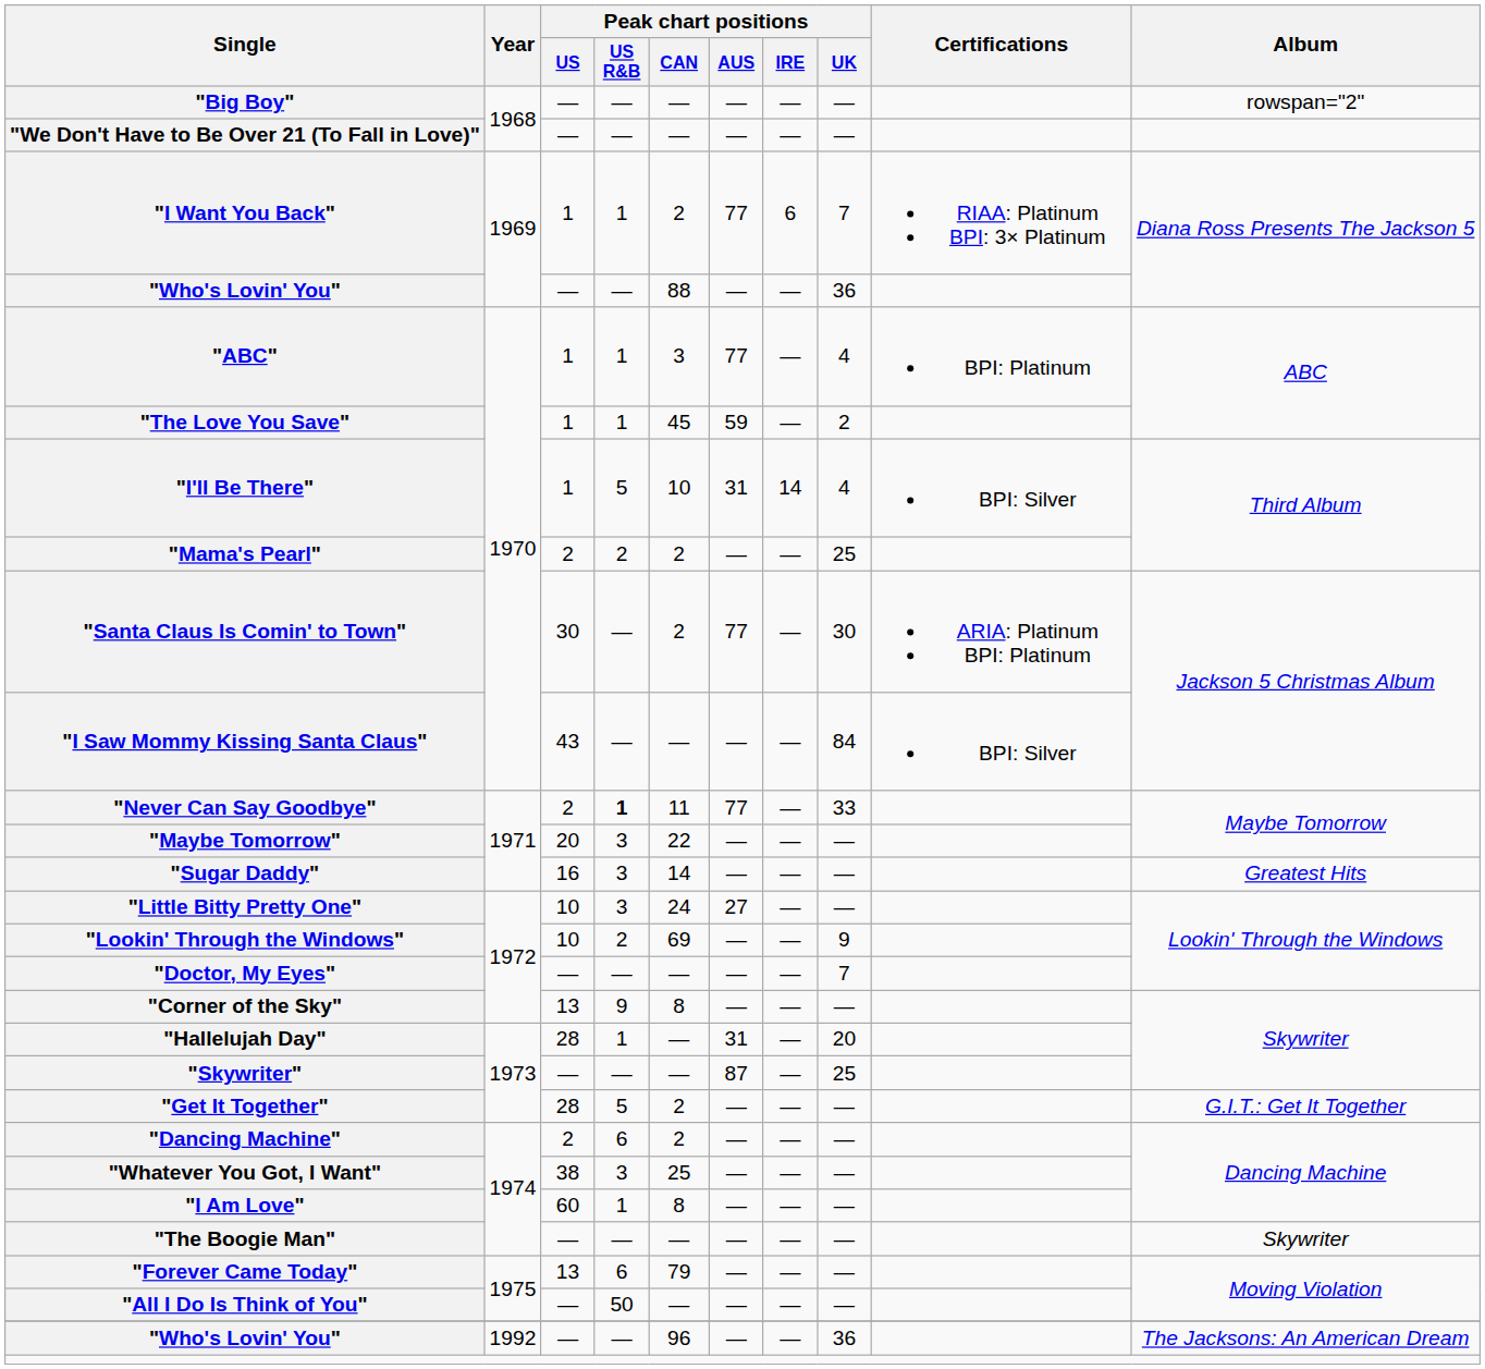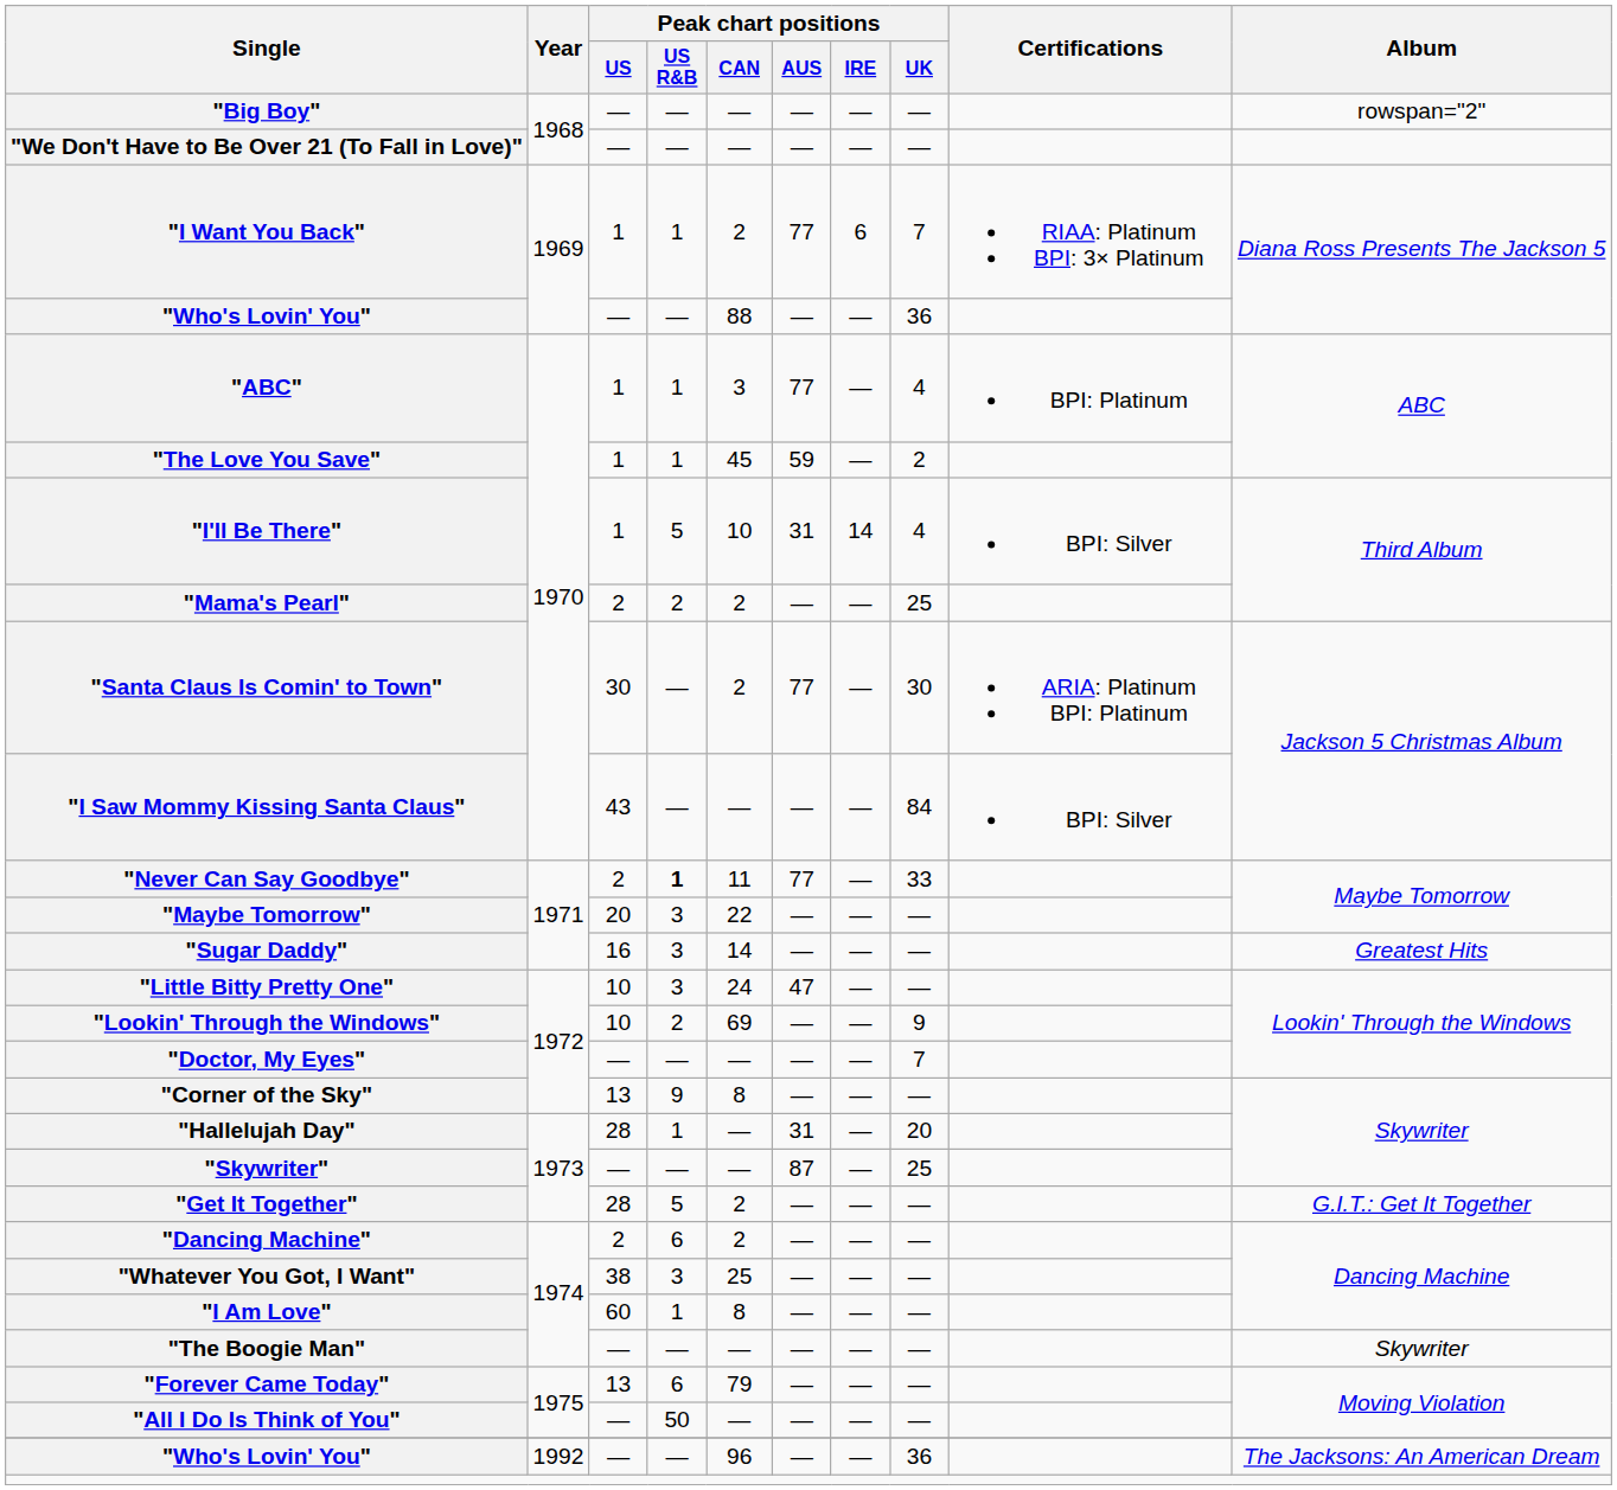 <table class="wikitable plainrowheaders" style="text-align:center;">
 <tr>
 <th rowspan="2">Single</th>
 <th rowspan="2">Year</th>
 <th colspan="6">Peak chart positions</th>
 <th rowspan="2" scope="col" style="width:12em;">Certifications</th>
 <th rowspan="2">Album</th>
 </tr>
 <tr style="font-size:smaller;">
 <th style="width:35px;"><a href='#'>US</a><br></th>
 <th style="width:35px;"><a href='#'>US R&B</a></th>
 <th style="width:3em;"><a href='#'>CAN</a></th>
 <th style="width:35px;"><a href='#'>AUS</a><br></th>
 <th style="width:35px;"><a href='#'>IRE</a><br></th>
 <th style="width:35px;"><a href='#'>UK</a><br></th>
 </tr>
 <tr>
 <th scope="row">"<a href='#'>Big Boy</a>"</th>
 <td rowspan="2">1968</td>
 <td>—</td>
 <td>—</td>
 <td>—</td>
 <td>—</td>
 <td>—</td>
 <td>—</td>
 <td></td>
 <td>rowspan="2" </td>
 </tr>
 <tr>
 <th scope="row">"We Don't Have to Be Over 21 (To Fall in Love)"</th>
 <td>—</td>
 <td>—</td>
 <td>—</td>
 <td>—</td>
 <td>—</td>
 <td>—</td>
 <td></td>
 </tr>
 <tr>
 <th scope="row">"<a href='#'>I Want You Back</a>"</th>
 <td rowspan="2">1969</td>
 <td>1</td>
 <td>1</td>
 <td>2</td>
 <td>77</td>
 <td>6</td>
 <td>7</td>
 <td><br><ul><li><a href='#'>RIAA</a>: Platinum</li><li><a href='#'>BPI</a>: 3× Platinum</li></ul></td>
 <td rowspan="2"><em><a href='#'>Diana Ross Presents The Jackson 5</a></em></td>
 </tr>
 <tr>
 <th scope="row">"<a href='#'>Who's Lovin' You</a>"</th>
 <td>—</td>
 <td>—</td>
 <td>88</td>
 <td>—</td>
 <td>—</td>
 <td>36</td>
 <td></td>
 </tr>
 <tr>
 <th scope="row">"<a href='#'>ABC</a>"</th>
 <td rowspan="6">1970</td>
 <td>1</td>
 <td>1</td>
 <td>3</td>
 <td>77</td>
 <td>—</td>
 <td>4</td>
 <td><br><ul><li>BPI: Platinum</li></ul></td>
 <td rowspan="2"><em><a href='#'>ABC</a></em></td>
 </tr>
 <tr>
 <th scope="row">"<a href='#'>The Love You Save</a>"</th>
 <td>1</td>
 <td>1</td>
 <td>45</td>
 <td>59</td>
 <td>—</td>
 <td>2</td>
 <td></td>
 </tr>
 <tr>
 <th scope="row">"<a href='#'>I'll Be There</a>"</th>
 <td>1</td>
 <td>5</td>
 <td>10</td>
 <td>31</td>
 <td>14</td>
 <td>4</td>
 <td><br><ul><li>BPI: Silver</li></ul></td>
 <td rowspan="2"><em><a href='#'>Third Album</a></em></td>
 </tr>
 <tr>
 <th scope="row">"<a href='#'>Mama's Pearl</a>"</th>
 <td>2</td>
 <td>2</td>
 <td>2</td>
 <td>—</td>
 <td>—</td>
 <td>25</td>
 <td></td>
 </tr>
 <tr>
 <th scope="row">"<a href='#'>Santa Claus Is Comin' to Town</a>"</th>
 <td>30</td>
 <td>—</td>
 <td>2</td>
 <td>77</td>
 <td>—</td>
 <td>30</td>
 <td><br><ul><li><a href='#'>ARIA</a>: Platinum</li><li>BPI: Platinum</li></ul></td>
 <td rowspan="2"><em><a href='#'>Jackson 5 Christmas Album</a></em></td>
 </tr>
 <tr>
 <th scope="row">"<a href='#'>I Saw Mommy Kissing Santa Claus</a>"</th>
 <td>43</td>
 <td>—</td>
 <td>—</td>
 <td>—</td>
 <td>—</td>
 <td>84</td>
 <td><br><ul><li>BPI: Silver</li></ul></td>
 </tr>
 <tr>
 <th scope="row">"<a href='#'>Never Can Say Goodbye</a>"</th>
 <td rowspan="3">1971</td>
 <td>2</td>
 <td><strong>1</strong></td>
 <td>11</td>
 <td>77</td>
 <td>—</td>
 <td>33</td>
 <td></td>
 <td rowspan="2"><em><a href='#'>Maybe Tomorrow</a></em></td>
 </tr>
 <tr>
 <th scope="row">"<a href='#'>Maybe Tomorrow</a>"</th>
 <td>20</td>
 <td>3</td>
 <td>22</td>
 <td>—</td>
 <td>—</td>
 <td>—</td>
 <td></td>
 </tr>
 <tr>
 <th scope="row">"<a href='#'>Sugar Daddy</a>"</th>
 <td>16</td>
 <td>3</td>
 <td>14</td>
 <td>—</td>
 <td>—</td>
 <td>—</td>
 <td></td>
 <td><em><a href='#'>Greatest Hits</a></em></td>
 </tr>
 <tr>
 <th scope="row">"<a href='#'>Little Bitty Pretty One</a>"</th>
 <td rowspan="4">1972</td>
 <td>10</td>
 <td>3</td>
 <td>24</td>
-<td>27<br></td>
+<td>47</td>
 <td>—</td>
 <td>—</td>
 <td></td>
 <td rowspan="3"><em><a href='#'>Lookin' Through the Windows</a></em></td>
 </tr>
 <tr>
 <th scope="row">"<a href='#'>Lookin' Through the Windows</a>"</th>
 <td>10</td>
 <td>2</td>
 <td>69</td>
 <td>—</td>
 <td>—</td>
 <td>9</td>
 <td></td>
 </tr>
 <tr>
 <th scope="row">"<a href='#'>Doctor, My Eyes</a>"</th>
 <td>—</td>
 <td>—</td>
 <td>—</td>
 <td>—</td>
 <td>—</td>
 <td>7</td>
 <td></td>
 </tr>
 <tr>
 <th scope="row">"Corner of the Sky"</th>
 <td>13</td>
 <td>9</td>
 <td>8</td>
 <td>—</td>
 <td>—</td>
 <td>—</td>
 <td></td>
 <td rowspan="3"><em><a href='#'>Skywriter</a></em></td>
 </tr>
 <tr>
 <th scope="row">"Hallelujah Day"</th>
 <td rowspan="3">1973</td>
 <td>28</td>
 <td>1</td>
 <td>—</td>
 <td>31</td>
 <td>—</td>
 <td>20</td>
 <td></td>
 </tr>
 <tr>
 <th scope="row">"<a href='#'>Skywriter</a>"</th>
 <td>—</td>
 <td>—</td>
 <td>—</td>
 <td>87</td>
 <td>—</td>
 <td>25</td>
 <td></td>
 </tr>
 <tr>
 <th scope="row">"<a href='#'>Get It Together</a>"</th>
 <td>28</td>
 <td>5</td>
 <td>2</td>
 <td>—</td>
 <td>—</td>
 <td>—</td>
 <td></td>
 <td rowspan="1"><em><a href='#'>G.I.T.: Get It Together</a></em></td>
 </tr>
 <tr>
 <th scope="row">"<a href='#'>Dancing Machine</a>"</th>
 <td rowspan="4">1974</td>
 <td>2</td>
 <td>6</td>
 <td>2</td>
 <td>—</td>
 <td>—</td>
 <td>—</td>
 <td></td>
 <td rowspan="3"><em><a href='#'>Dancing Machine</a></em></td>
 </tr>
 <tr>
 <th scope="row">"Whatever You Got, I Want"</th>
 <td>38</td>
 <td>3</td>
 <td>25</td>
 <td>—</td>
 <td>—</td>
 <td>—</td>
 <td></td>
 </tr>
 <tr>
 <th scope="row">"<a href='#'>I Am Love</a>"</th>
 <td>60</td>
 <td>1</td>
 <td>8</td>
 <td>—</td>
 <td>—</td>
 <td>—</td>
 <td></td>
 </tr>
 <tr>
 <th scope="row">"The Boogie Man"</th>
 <td>—</td>
 <td>—</td>
 <td>—</td>
 <td>—</td>
 <td>—</td>
 <td>—</td>
 <td></td>
 <td><em>Skywriter</em></td>
 </tr>
 <tr>
 <th scope="row">"<a href='#'>Forever Came Today</a>"</th>
 <td rowspan="2">1975</td>
 <td>13</td>
 <td>6</td>
 <td>79</td>
 <td>—</td>
 <td>—</td>
 <td>—</td>
 <td></td>
 <td rowspan="2"><em><a href='#'>Moving Violation</a></em></td>
 </tr>
 <tr>
 <th scope="row">"<a href='#'>All I Do Is Think of You</a>"</th>
 <td>—</td>
 <td>50</td>
 <td>—</td>
 <td>—</td>
 <td>—</td>
 <td>—</td>
 <td></td>
 </tr>
 <tr>
 </tr>
 <tr>
 <th scope="row">"<a href='#'>Who's Lovin' You</a>"</th>
 <td>1992</td>
 <td>—</td>
 <td>—</td>
 <td>96</td>
 <td>—</td>
 <td>—</td>
 <td>36</td>
 <td></td>
 <td><em><a href='#'>The Jacksons: An American Dream</a></em></td>
 </tr>
 <tr>
 <td colspan="10"></td>
 </tr>
 </table>
